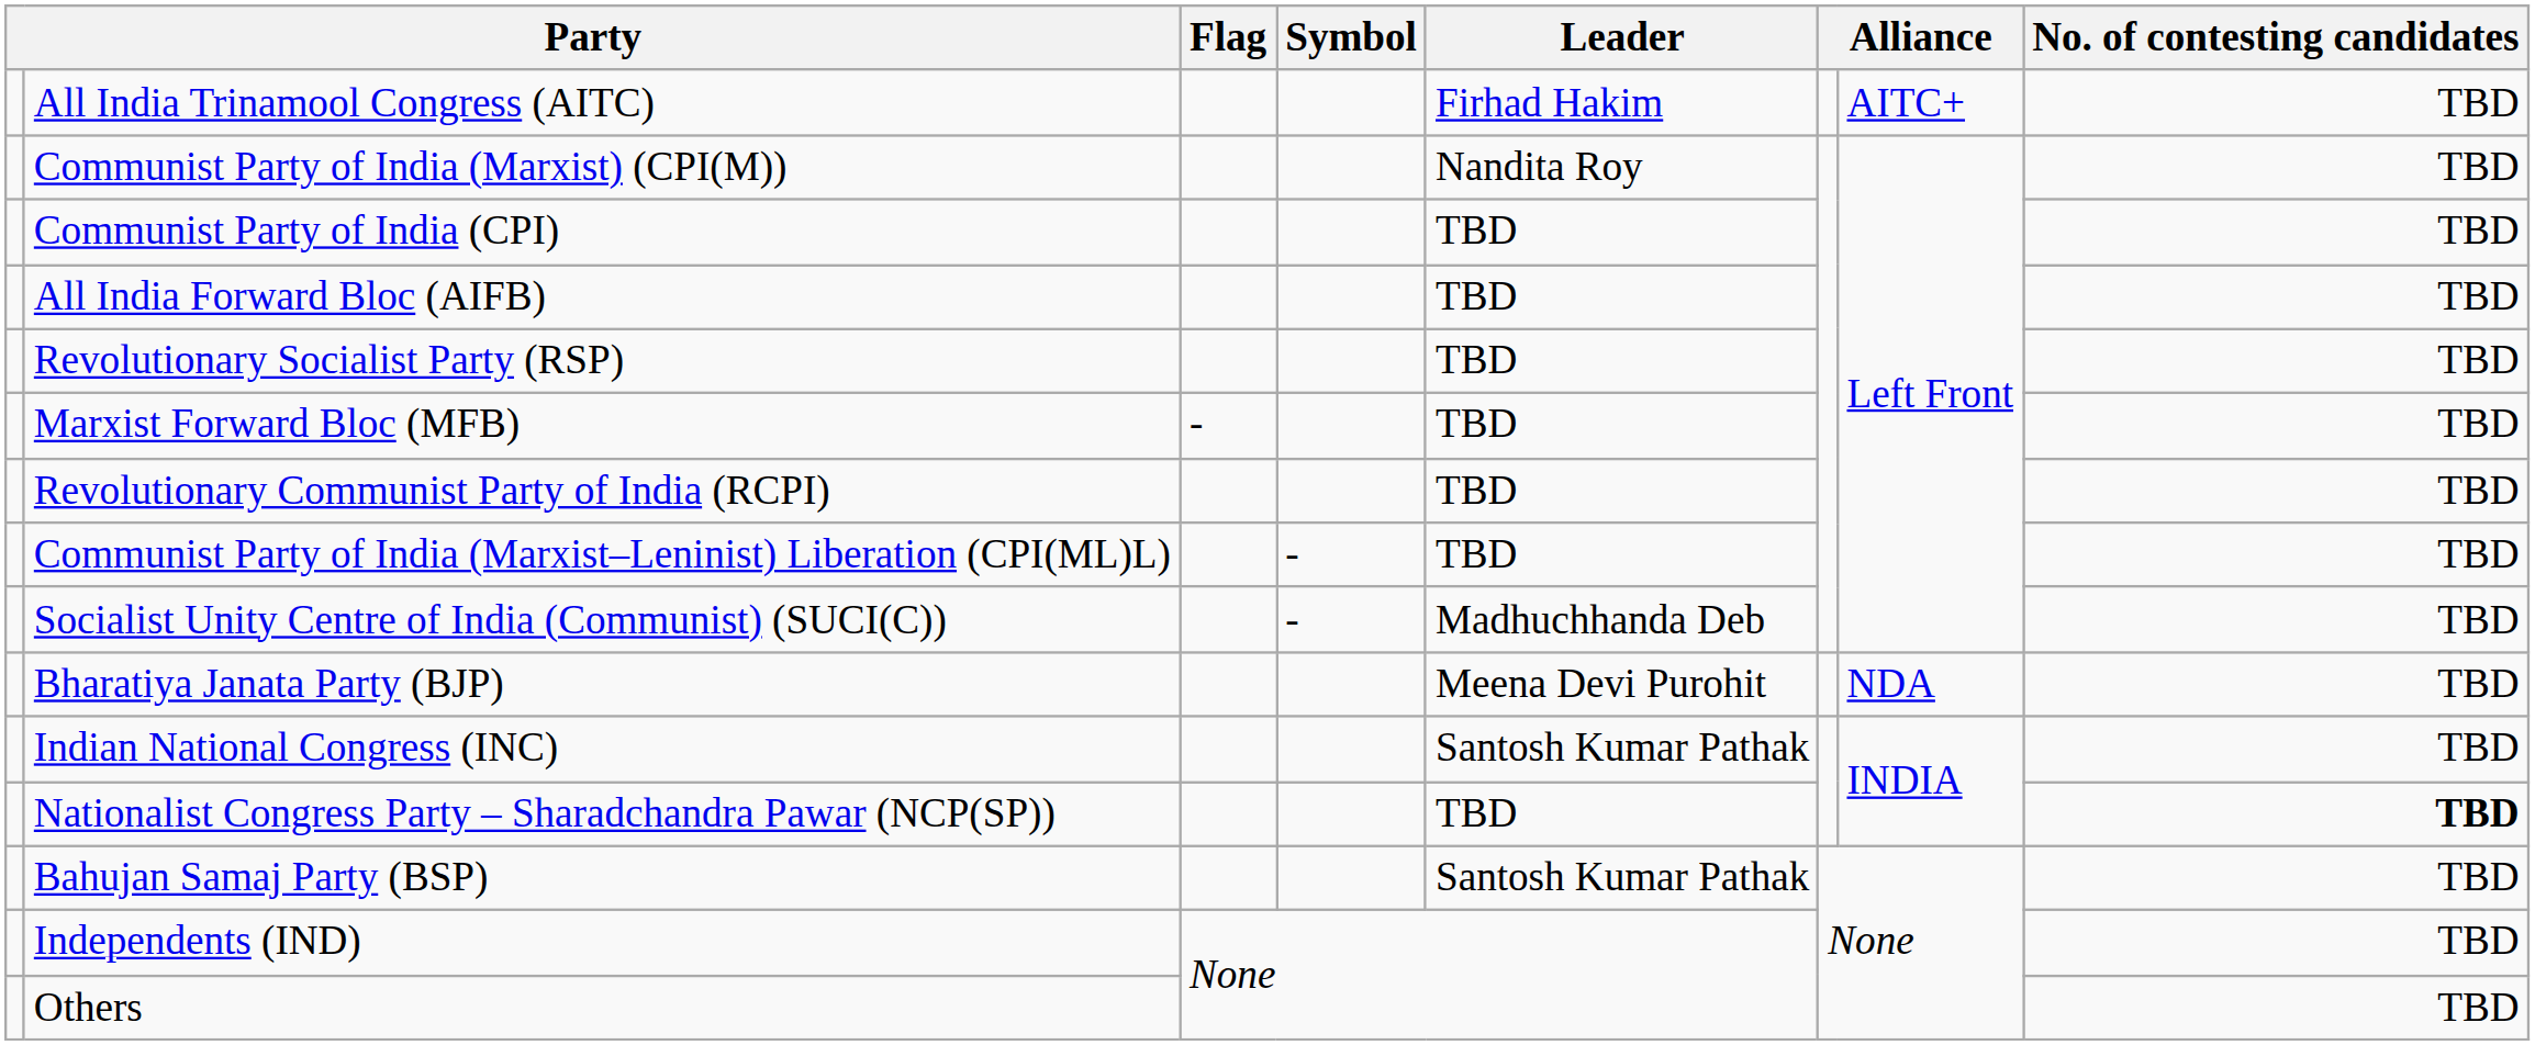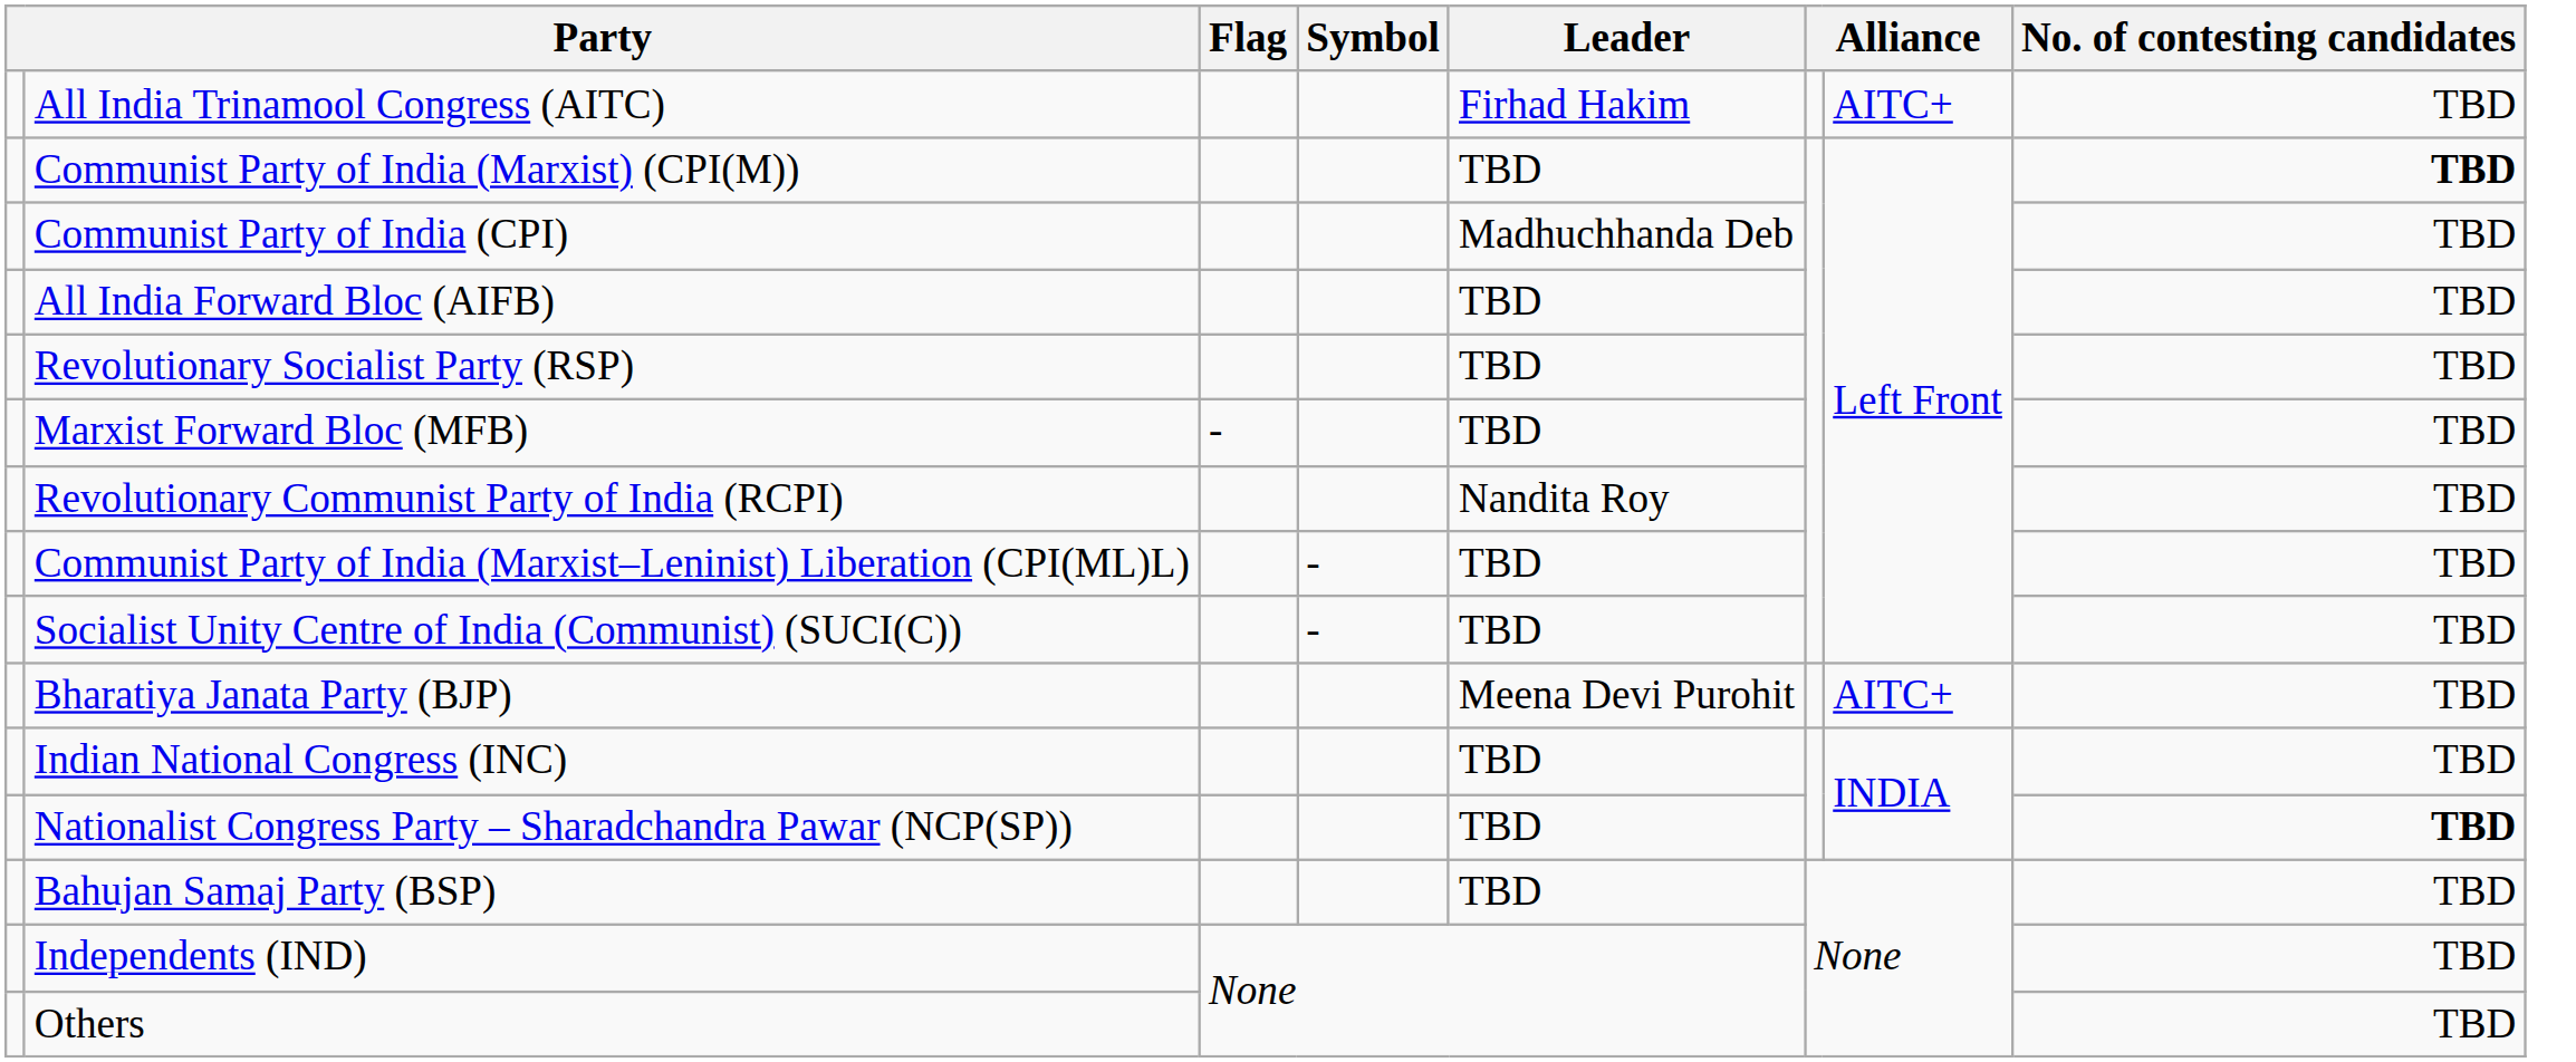 <table class="wikitable">
 <tr>
 <th colspan="2">Party</th>
 <th>Flag</th>
 <th>Symbol</th>
 <th>Leader</th>
 <th colspan="2">Alliance</th>
 <th>No. of contesting candidates</th>
 </tr>
 <tr>
 <td></td>
 <td><a href='#'>All India Trinamool Congress</a> (AITC)</td>
 <td></td>
 <td></td>
 <td><a href='#'>Firhad Hakim</a></td>
 <td></td>
 <td><a href='#'>AITC+</a></td>
 <td style="text-align:right">TBD</td>
 </tr>
 <tr>
 <td></td>
 <td><a href='#'>Communist Party of India (Marxist)</a> (CPI(M))</td>
 <td></td>
 <td></td>
-<td>Nandita Roy</td>
+<td>TBD</td>
 <td rowspan="8"></td>
 <td rowspan="8"><a href='#'>Left Front</a></td>
-<td style="text-align:right">TBD</td>
+<td style="text-align:right"><strong>TBD</strong></td>
 </tr>
 <tr>
 <td></td>
 <td><a href='#'>Communist Party of India</a> (CPI)</td>
 <td></td>
 <td></td>
-<td>TBD</td>
+<td>Madhuchhanda Deb</td>
 <td style="text-align:right">TBD</td>
 </tr>
 <tr>
 <td></td>
 <td><a href='#'>All India Forward Bloc</a> (AIFB)</td>
 <td></td>
 <td></td>
 <td>TBD</td>
 <td style="text-align:right">TBD</td>
 </tr>
 <tr>
 <td></td>
 <td><a href='#'>Revolutionary Socialist Party</a> (RSP)</td>
 <td></td>
 <td></td>
 <td>TBD</td>
 <td style="text-align:right">TBD</td>
 </tr>
 <tr>
 <td></td>
 <td><a href='#'>Marxist Forward Bloc</a> (MFB)</td>
 <td>-</td>
 <td></td>
 <td>TBD</td>
 <td style="text-align:right">TBD</td>
 </tr>
 <tr>
 <td></td>
 <td><a href='#'>Revolutionary Communist Party of India</a> (RCPI)</td>
 <td></td>
 <td></td>
-<td>TBD</td>
+<td>Nandita Roy</td>
 <td style="text-align:right">TBD</td>
 </tr>
 <tr>
 <td></td>
 <td><a href='#'>Communist Party of India (Marxist–Leninist) Liberation</a> (CPI(ML)L)</td>
 <td></td>
 <td>-</td>
 <td>TBD</td>
 <td style="text-align:right">TBD</td>
 </tr>
 <tr>
 <td></td>
 <td><a href='#'>Socialist Unity Centre of India (Communist)</a> (SUCI(C))</td>
 <td></td>
 <td>-</td>
-<td>Madhuchhanda Deb</td>
+<td>TBD</td>
 <td style="text-align:right">TBD</td>
 </tr>
 <tr>
 <td></td>
 <td><a href='#'>Bharatiya Janata Party</a> (BJP)</td>
 <td></td>
 <td></td>
 <td>Meena Devi Purohit</td>
 <td></td>
-<td><a href='#'>NDA</a></td>
+<td><a href='#'>AITC+</a></td>
 <td style="text-align:right">TBD</td>
 </tr>
 <tr>
 <td></td>
 <td><a href='#'>Indian National Congress</a> (INC)</td>
 <td></td>
 <td></td>
-<td>Santosh Kumar Pathak</td>
+<td>TBD</td>
 <td rowspan="2"></td>
 <td rowspan="2"><a href='#'>INDIA</a></td>
 <td style="text-align:right">TBD</td>
 </tr>
 <tr>
 <td></td>
 <td><a href='#'>Nationalist Congress Party – Sharadchandra Pawar</a> (NCP(SP))</td>
 <td></td>
 <td></td>
 <td>TBD</td>
 <td style="text-align:right"><strong>TBD</strong></td>
 </tr>
 <tr>
 <td></td>
 <td><a href='#'>Bahujan Samaj Party</a> (BSP)</td>
 <td></td>
 <td></td>
-<td>Santosh Kumar Pathak</td>
+<td>TBD</td>
 <td rowspan="3" colspan="2"><em>None</em></td>
 <td style="text-align:right">TBD</td>
 </tr>
 <tr>
 <td></td>
 <td><a href='#'>Independents</a> (IND)</td>
 <td colspan="3" rowspan="2"><em>None</em></td>
 <td style="text-align:right">TBD</td>
 </tr>
 <tr>
 <td></td>
 <td>Others</td>
 <td style="text-align:right">TBD</td>
 </tr>
 </table>
